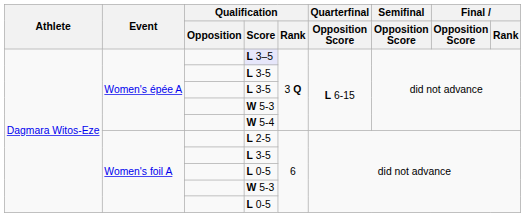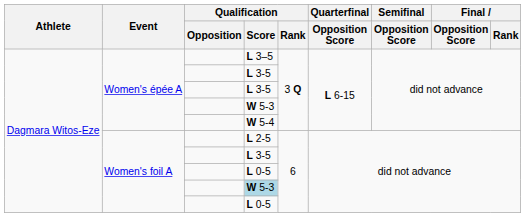 <table class=wikitable style="font-size:90%">
 <tr>
 <th rowspan="2">Athlete</th>
 <th rowspan="2">Event</th>
 <th colspan="3">Qualification</th>
 <th>Quarterfinal</th>
 <th>Semifinal</th>
 <th colspan="2">Final / </th>
 </tr>
 <tr>
 <th>Opposition</th>
 <th>Score</th>
 <th>Rank</th>
 <th>Opposition<br>Score</th>
 <th>Opposition<br>Score</th>
 <th>Opposition<br>Score</th>
 <th>Rank</th>
 </tr>
 <tr>
 <td rowspan=10><a href='#'>Dagmara Witos-Eze</a></td>
 <td rowspan=5><a href='#'>Women's épée A</a></td>
 <td></td>
-<td style="background: lavender;"><strong>L</strong> 3–5</td>
+<td><strong>L</strong> 3–5</td>
 <td align="center" rowspan=5>3 <strong>Q</strong></td>
 <td align="center" rowspan=5><br><strong>L</strong> 6-15</td>
 <td align="center" rowspan=5 colspan=3>did not advance</td>
 </tr>
 <tr>
 <td></td>
 <td><strong>L</strong> 3-5</td>
 </tr>
 <tr>
 <td></td>
 <td><strong>L</strong> 3-5</td>
 </tr>
 <tr>
 <td></td>
 <td><strong>W</strong> 5-3</td>
 </tr>
 <tr>
 <td></td>
 <td><strong>W</strong> 5-4</td>
 </tr>
 <tr>
 <td rowspan=5><a href='#'>Women's foil A</a></td>
 <td></td>
 <td><strong>L</strong> 2-5</td>
 <td align="center" rowspan=5>6</td>
 <td align="center" rowspan=5 colspan=4>did not advance</td>
 </tr>
 <tr>
 <td></td>
 <td><strong>L</strong> 3-5</td>
 </tr>
 <tr>
 <td></td>
 <td><strong>L</strong> 0-5</td>
 </tr>
 <tr>
 <td></td>
-<td><strong>W</strong> 5-3</td>
+<td style="background: lightblue;"><strong>W</strong> 5-3</td>
 </tr>
 <tr>
 <td></td>
 <td><strong>L</strong> 0-5</td>
 </tr>
 </table>
